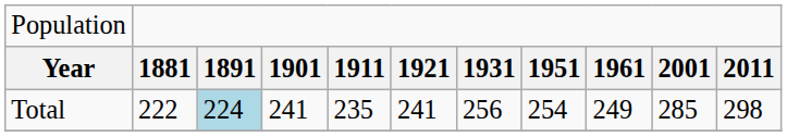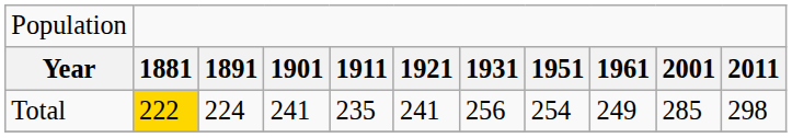 <table class="wikitable">
 <tr>
 <td>Population</td>
 </tr>
 <tr>
 <th>Year</th>
 <th>1881</th>
 <th>1891</th>
 <th>1901</th>
 <th>1911</th>
 <th>1921</th>
 <th>1931</th>
 <th>1951</th>
 <th>1961</th>
 <th>2001</th>
 <th>2011</th>
 </tr>
 <tr>
 <td>Total</td>
-<td>222</td>
-<td style="background: lightblue;">224</td>
+<td style="background: gold;">222</td>
+<td>224</td>
 <td>241</td>
 <td>235</td>
 <td>241</td>
 <td>256</td>
 <td>254</td>
 <td>249</td>
 <td>285</td>
 <td>298</td>
 </tr>
 <tr>
 </tr>
 </table>
